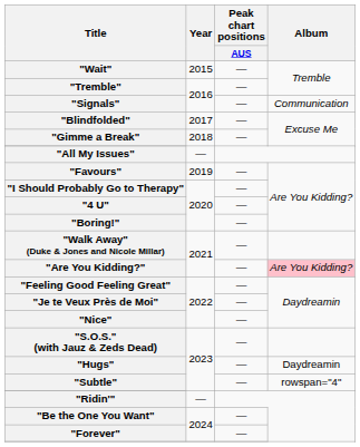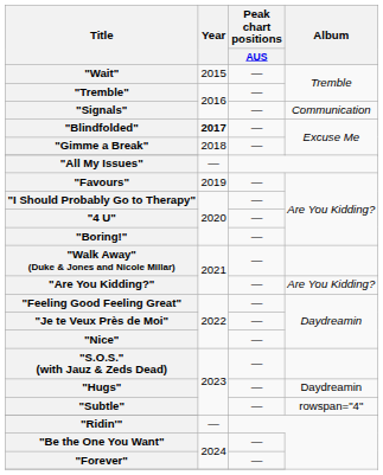 <table class="wikitable plainrowheaders" style="text-align:center">
 <tr>
 <th scope="col" rowspan="2">Title</th>
 <th scope="col" rowspan="2">Year</th>
 <th scope="col" colspan="1">Peak chart positions</th>
 <th scope="col" rowspan="2">Album</th>
 </tr>
 <tr>
 <th scope="col" style="width:3em;font-size:90%;"><a href='#'>AUS</a><br></th>
 </tr>
 <tr>
 <th scope="row">"Wait"</th>
 <td>2015</td>
 <td>—</td>
 <td rowspan="2"><em>Tremble</em></td>
 </tr>
 <tr>
 <th scope="row">"Tremble"</th>
 <td rowspan="2">2016</td>
 <td>—</td>
 </tr>
 <tr>
 <th scope="row">"Signals"</th>
 <td>—</td>
 <td><em>Communication</em></td>
 </tr>
 <tr>
 <th scope="row">"Blindfolded"</th>
-<td>2017</td>
+<td><strong>2017</strong></td>
 <td>—</td>
 <td rowspan="3"><em>Excuse Me</em></td>
 </tr>
 <tr>
 <th scope="row">"Gimme a Break"</th>
 <td rowspan="2">2018</td>
 <td>—</td>
 </tr>
 <tr>
 </tr>
 <tr>
 <th scope="row">"All My Issues"</th>
 <td>—</td>
 </tr>
 <tr>
 <th scope="row">"Favours"</th>
 <td>2019</td>
 <td>—</td>
 <td rowspan="4"><em>Are You Kidding?</em></td>
 </tr>
 <tr>
 <th scope="row">"I Should Probably Go to Therapy"</th>
 <td rowspan="3">2020</td>
 <td>—</td>
 </tr>
 <tr>
 <th scope="row">"4 U"</th>
 <td>—</td>
 </tr>
 <tr>
 <th scope="row">"Boring!"</th>
 <td>—</td>
 </tr>
 <tr>
 <th scope="row">"Walk Away"<br><small>(Duke & Jones and Nicole Millar)</small></th>
 <td rowspan="2">2021</td>
 <td>—</td>
 <td></td>
 </tr>
 <tr>
 <th scope="row">"Are You Kidding?"</th>
 <td>—</td>
-<td style="background: pink;"><em>Are You Kidding?</em></td>
+<td><em>Are You Kidding?</em></td>
 </tr>
 <tr>
 <th scope="row">"Feeling Good Feeling Great"</th>
 <td rowspan="3">2022</td>
 <td>—</td>
 <td rowspan="3"><em>Daydreamin<strong></td>
 </tr>
 <tr>
 <th scope="row">"Je te Veux Près de Moi"</th>
 <td>—</td>
 </tr>
 <tr>
 <th scope="row">"Nice"</th>
 <td>—</td>
 </tr>
 <tr>
 <th scope="row">"S.O.S."<br>(with Jauz & Zeds Dead)</th>
 <td rowspan="4">2023</td>
 <td>—</td>
 <td></td>
 </tr>
 <tr>
 <th scope="row">"Hugs"</th>
 <td>—</td>
 <td></em>Daydreamin</strong></td>
 </tr>
 <tr>
 <th scope="row">"Subtle"</th>
 <td>—</td>
 <td>rowspan="4" </td>
 </tr>
 <tr>
 </tr>
 <tr>
 <th scope="row">"Ridin'"</th>
 <td>—</td>
 </tr>
 <tr>
 <th scope="row">"Be the One You Want"</th>
 <td rowspan="2">2024</td>
 <td>—</td>
 </tr>
 <tr>
 <th scope="row">"Forever"</th>
 <td>—</td>
 </tr>
 <tr>
 </tr>
 </table>
